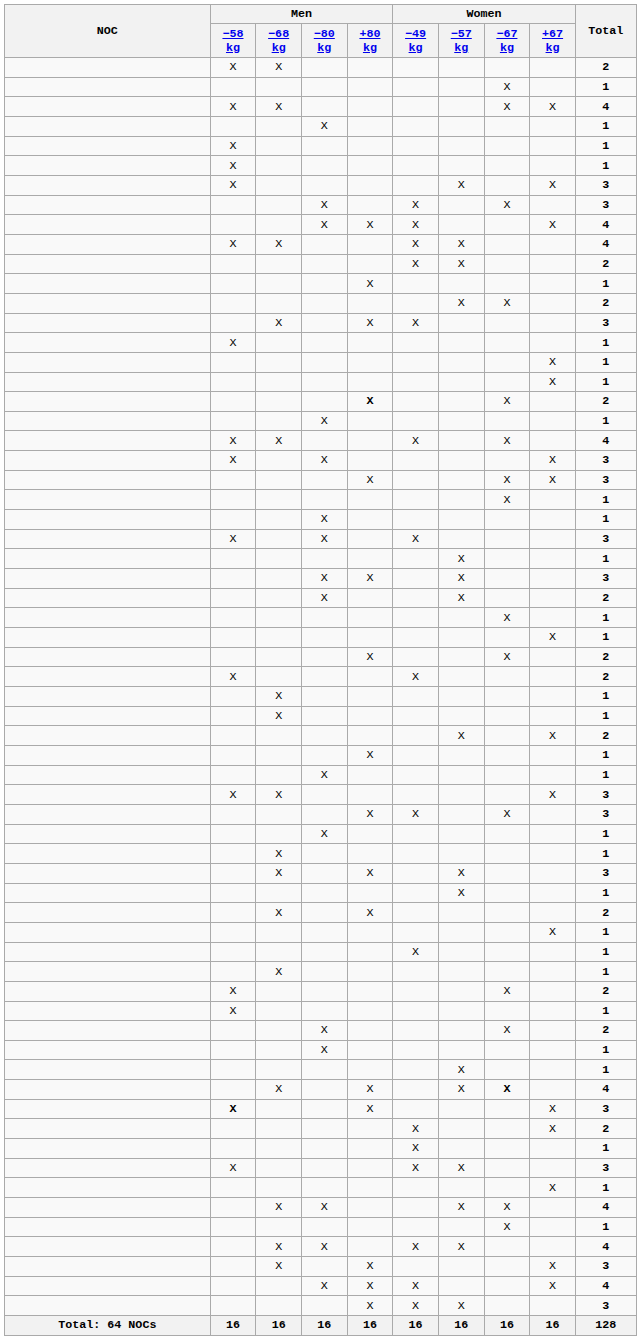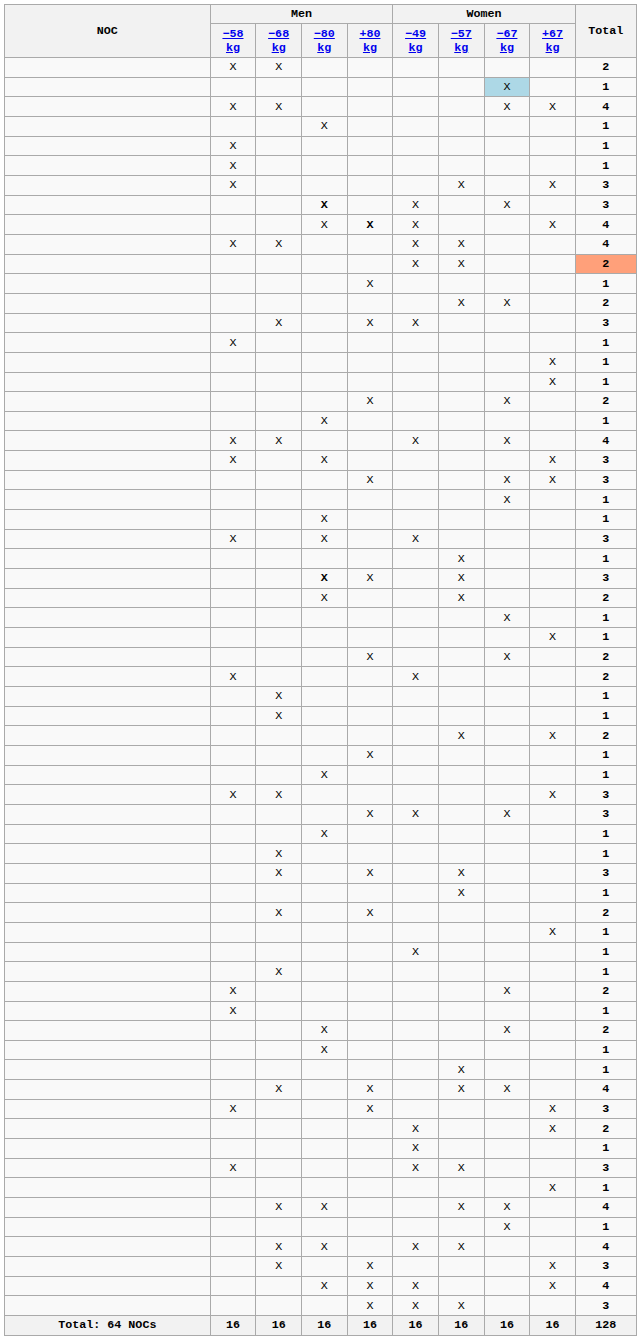 <table class="wikitable" style="text-align:center; font-size:90%">
 <tr>
 <th rowspan="2" width=200 align="left">NOC</th>
 <th colspan=4>Men</th>
 <th colspan=4>Women</th>
 <th width=55 rowspan="2">Total</th>
 </tr>
 <tr>
 <th width=40><a href='#'>−58 kg</a></th>
 <th width=40><a href='#'>−68 kg</a></th>
 <th width=40><a href='#'>−80 kg</a></th>
 <th width=40><a href='#'>+80 kg</a></th>
 <th width=40><a href='#'>−49 kg</a></th>
 <th width=40><a href='#'>−57 kg</a></th>
 <th width=40><a href='#'>−67 kg</a></th>
 <th width=40><a href='#'>+67 kg</a></th>
 </tr>
 <tr>
 <td align="left"></td>
 <td>X</td>
 <td>X</td>
 <td></td>
 <td></td>
 <td></td>
 <td></td>
 <td></td>
 <td></td>
 <td><strong>2</strong></td>
 </tr>
 <tr>
 <td align="left"></td>
 <td></td>
 <td></td>
 <td></td>
 <td></td>
 <td></td>
 <td></td>
-<td>X</td>
+<td style="background: lightblue;">X</td>
 <td></td>
 <td><strong>1</strong></td>
 </tr>
 <tr>
 <td align="left"></td>
 <td>X</td>
 <td>X</td>
 <td></td>
 <td></td>
 <td></td>
 <td></td>
 <td>X</td>
 <td>X</td>
 <td><strong>4</strong></td>
 </tr>
 <tr>
 <td align="left"></td>
 <td></td>
 <td></td>
 <td>X</td>
 <td></td>
 <td></td>
 <td></td>
 <td></td>
 <td></td>
 <td><strong>1</strong></td>
 </tr>
 <tr>
 <td align="left"></td>
 <td>X</td>
 <td></td>
 <td></td>
 <td></td>
 <td></td>
 <td></td>
 <td></td>
 <td></td>
 <td><strong>1</strong></td>
 </tr>
 <tr>
 <td align="left"></td>
 <td>X</td>
 <td></td>
 <td></td>
 <td></td>
 <td></td>
 <td></td>
 <td></td>
 <td></td>
 <td><strong>1</strong></td>
 </tr>
 <tr>
 <td align="left"></td>
 <td>X</td>
 <td></td>
 <td></td>
 <td></td>
 <td></td>
 <td>X</td>
 <td></td>
 <td>X</td>
 <td><strong>3</strong></td>
 </tr>
 <tr>
 <td align="left"></td>
 <td></td>
 <td></td>
-<td>X</td>
+<td><strong>X</strong></td>
 <td></td>
 <td>X</td>
 <td></td>
 <td>X</td>
 <td></td>
 <td><strong>3</strong></td>
 </tr>
 <tr>
 <td align="left"></td>
 <td></td>
 <td></td>
 <td>X</td>
-<td>X</td>
+<td><strong>X</strong></td>
 <td>X</td>
 <td></td>
 <td></td>
 <td>X</td>
 <td><strong>4</strong></td>
 </tr>
 <tr>
 <td align="left"></td>
 <td>X</td>
 <td>X</td>
 <td></td>
 <td></td>
 <td>X</td>
 <td>X</td>
 <td></td>
 <td></td>
 <td><strong>4</strong></td>
 </tr>
 <tr>
 <td align="left"></td>
 <td></td>
 <td></td>
 <td></td>
 <td></td>
 <td>X</td>
 <td>X</td>
 <td></td>
 <td></td>
-<td><strong>2</strong></td>
+<td style="background: lightsalmon;"><strong>2</strong></td>
 </tr>
 <tr>
 <td align="left"></td>
 <td></td>
 <td></td>
 <td></td>
 <td>X</td>
 <td></td>
 <td></td>
 <td></td>
 <td></td>
 <td><strong>1</strong></td>
 </tr>
 <tr>
 <td align="left"></td>
 <td></td>
 <td></td>
 <td></td>
 <td></td>
 <td></td>
 <td>X</td>
 <td>X</td>
 <td></td>
 <td><strong>2</strong></td>
 </tr>
 <tr>
 <td align="left"></td>
 <td></td>
 <td>X</td>
 <td></td>
 <td>X</td>
 <td>X</td>
 <td></td>
 <td></td>
 <td></td>
 <td><strong>3</strong></td>
 </tr>
 <tr>
 <td align="left"></td>
 <td>X</td>
 <td></td>
 <td></td>
 <td></td>
 <td></td>
 <td></td>
 <td></td>
 <td></td>
 <td><strong>1</strong></td>
 </tr>
 <tr>
 <td align="left"></td>
 <td></td>
 <td></td>
 <td></td>
 <td></td>
 <td></td>
 <td></td>
 <td></td>
 <td>X</td>
 <td><strong>1</strong></td>
 </tr>
 <tr>
 <td align="left"></td>
 <td></td>
 <td></td>
 <td></td>
 <td></td>
 <td></td>
 <td></td>
 <td></td>
 <td>X</td>
 <td><strong>1</strong></td>
 </tr>
 <tr>
 <td align="left"></td>
 <td></td>
 <td></td>
 <td></td>
-<td><strong>X</strong></td>
+<td>X</td>
 <td></td>
 <td></td>
 <td>X</td>
 <td></td>
 <td><strong>2</strong></td>
 </tr>
 <tr>
 <td align="left"></td>
 <td></td>
 <td></td>
 <td>X</td>
 <td></td>
 <td></td>
 <td></td>
 <td></td>
 <td></td>
 <td><strong>1</strong></td>
 </tr>
 <tr>
 <td align="left"></td>
 <td>X</td>
 <td>X</td>
 <td></td>
 <td></td>
 <td>X</td>
 <td></td>
 <td>X</td>
 <td></td>
 <td><strong>4</strong></td>
 </tr>
 <tr>
 <td align="left"></td>
 <td>X</td>
 <td></td>
 <td>X</td>
 <td></td>
 <td></td>
 <td></td>
 <td></td>
 <td>X</td>
 <td><strong>3</strong></td>
 </tr>
 <tr>
 <td align="left"></td>
 <td></td>
 <td></td>
 <td></td>
 <td>X</td>
 <td></td>
 <td></td>
 <td>X</td>
 <td>X</td>
 <td><strong>3</strong></td>
 </tr>
 <tr>
 <td align="left"></td>
 <td></td>
 <td></td>
 <td></td>
 <td></td>
 <td></td>
 <td></td>
 <td>X</td>
 <td></td>
 <td><strong>1</strong></td>
 </tr>
 <tr>
 <td align="left"></td>
 <td></td>
 <td></td>
 <td>X</td>
 <td></td>
 <td></td>
 <td></td>
 <td></td>
 <td></td>
 <td><strong>1</strong></td>
 </tr>
 <tr>
 <td align="left"></td>
 <td>X</td>
 <td></td>
 <td>X</td>
 <td></td>
 <td>X</td>
 <td></td>
 <td></td>
 <td></td>
 <td><strong>3</strong></td>
 </tr>
 <tr>
 <td align="left"></td>
 <td></td>
 <td></td>
 <td></td>
 <td></td>
 <td></td>
 <td>X</td>
 <td></td>
 <td></td>
 <td><strong>1</strong></td>
 </tr>
 <tr>
 <td align="left"></td>
 <td></td>
 <td></td>
-<td>X</td>
+<td><strong>X</strong></td>
 <td>X</td>
 <td></td>
 <td>X</td>
 <td></td>
 <td></td>
 <td><strong>3</strong></td>
 </tr>
 <tr>
 <td align="left"></td>
 <td></td>
 <td></td>
 <td>X</td>
 <td></td>
 <td></td>
 <td>X</td>
 <td></td>
 <td></td>
 <td><strong>2</strong></td>
 </tr>
 <tr>
 <td align="left"></td>
 <td></td>
 <td></td>
 <td></td>
 <td></td>
 <td></td>
 <td></td>
 <td>X</td>
 <td></td>
 <td><strong>1</strong></td>
 </tr>
 <tr>
 <td align="left"></td>
 <td></td>
 <td></td>
 <td></td>
 <td></td>
 <td></td>
 <td></td>
 <td></td>
 <td>X</td>
 <td><strong>1</strong></td>
 </tr>
 <tr>
 <td align="left"></td>
 <td></td>
 <td></td>
 <td></td>
 <td>X</td>
 <td></td>
 <td></td>
 <td>X</td>
 <td></td>
 <td><strong>2</strong></td>
 </tr>
 <tr>
 <td align="left"></td>
 <td>X</td>
 <td></td>
 <td></td>
 <td></td>
 <td>X</td>
 <td></td>
 <td></td>
 <td></td>
 <td><strong>2</strong></td>
 </tr>
 <tr>
 <td align="left"></td>
 <td></td>
 <td>X</td>
 <td></td>
 <td></td>
 <td></td>
 <td></td>
 <td></td>
 <td></td>
 <td><strong>1</strong></td>
 </tr>
 <tr>
 <td align="left"></td>
 <td></td>
 <td>X</td>
 <td></td>
 <td></td>
 <td></td>
 <td></td>
 <td></td>
 <td></td>
 <td><strong>1</strong></td>
 </tr>
 <tr>
 <td align="left"></td>
 <td></td>
 <td></td>
 <td></td>
 <td></td>
 <td></td>
 <td>X</td>
 <td></td>
 <td>X</td>
 <td><strong>2</strong></td>
 </tr>
 <tr>
 <td align="left"></td>
 <td></td>
 <td></td>
 <td></td>
 <td>X</td>
 <td></td>
 <td></td>
 <td></td>
 <td></td>
 <td><strong>1</strong></td>
 </tr>
 <tr>
 <td align="left"></td>
 <td></td>
 <td></td>
 <td>X</td>
 <td></td>
 <td></td>
 <td></td>
 <td></td>
 <td></td>
 <td><strong>1</strong></td>
 </tr>
 <tr>
 <td align="left"></td>
 <td>X</td>
 <td>X</td>
 <td></td>
 <td></td>
 <td></td>
 <td></td>
 <td></td>
 <td>X</td>
 <td><strong>3</strong></td>
 </tr>
 <tr>
 <td align="left"></td>
 <td></td>
 <td></td>
 <td></td>
 <td>X</td>
 <td>X</td>
 <td></td>
 <td>X</td>
 <td></td>
 <td><strong>3</strong></td>
 </tr>
 <tr>
 <td align="left"></td>
 <td></td>
 <td></td>
 <td>X</td>
 <td></td>
 <td></td>
 <td></td>
 <td></td>
 <td></td>
 <td><strong>1</strong></td>
 </tr>
 <tr>
 <td align="left"></td>
 <td></td>
 <td>X</td>
 <td></td>
 <td></td>
 <td></td>
 <td></td>
 <td></td>
 <td></td>
 <td><strong>1</strong></td>
 </tr>
 <tr>
 <td align="left"></td>
 <td></td>
 <td>X</td>
 <td></td>
 <td>X</td>
 <td></td>
 <td>X</td>
 <td></td>
 <td></td>
 <td><strong>3</strong></td>
 </tr>
 <tr>
 <td align="left"></td>
 <td></td>
 <td></td>
 <td></td>
 <td></td>
 <td></td>
 <td>X</td>
 <td></td>
 <td></td>
 <td><strong>1</strong></td>
 </tr>
 <tr>
 <td align="left"></td>
 <td></td>
 <td>X</td>
 <td></td>
 <td>X</td>
 <td></td>
 <td></td>
 <td></td>
 <td></td>
 <td><strong>2</strong></td>
 </tr>
 <tr>
 <td align="left"></td>
 <td></td>
 <td></td>
 <td></td>
 <td></td>
 <td></td>
 <td></td>
 <td></td>
 <td>X</td>
 <td><strong>1</strong></td>
 </tr>
 <tr>
 <td align="left"></td>
 <td></td>
 <td></td>
 <td></td>
 <td></td>
 <td>X</td>
 <td></td>
 <td></td>
 <td></td>
 <td><strong>1</strong></td>
 </tr>
 <tr>
 <td align="left"></td>
 <td></td>
 <td>X</td>
 <td></td>
 <td></td>
 <td></td>
 <td></td>
 <td></td>
 <td></td>
 <td><strong>1</strong></td>
 </tr>
 <tr>
 <td align="left"></td>
 <td>X</td>
 <td></td>
 <td></td>
 <td></td>
 <td></td>
 <td></td>
 <td>X</td>
 <td></td>
 <td><strong>2</strong></td>
 </tr>
 <tr>
 <td align="left"></td>
 <td>X</td>
 <td></td>
 <td></td>
 <td></td>
 <td></td>
 <td></td>
 <td></td>
 <td></td>
 <td><strong>1</strong></td>
 </tr>
 <tr>
 <td align="left"></td>
 <td></td>
 <td></td>
 <td>X</td>
 <td></td>
 <td></td>
 <td></td>
 <td>X</td>
 <td></td>
 <td><strong>2</strong></td>
 </tr>
 <tr>
 <td align="left"></td>
 <td></td>
 <td></td>
 <td>X</td>
 <td></td>
 <td></td>
 <td></td>
 <td></td>
 <td></td>
 <td><strong>1</strong></td>
 </tr>
 <tr>
 <td align="left"></td>
 <td></td>
 <td></td>
 <td></td>
 <td></td>
 <td></td>
 <td>X</td>
 <td></td>
 <td></td>
 <td><strong>1</strong></td>
 </tr>
 <tr>
 <td align="left"></td>
 <td></td>
 <td>X</td>
 <td></td>
 <td>X</td>
 <td></td>
 <td>X</td>
-<td><strong>X</strong></td>
+<td>X</td>
 <td></td>
 <td><strong>4</strong></td>
 </tr>
 <tr>
 <td align="left"></td>
-<td><strong>X</strong></td>
+<td>X</td>
 <td></td>
 <td></td>
 <td>X</td>
 <td></td>
 <td></td>
 <td></td>
 <td>X</td>
 <td><strong>3</strong></td>
 </tr>
 <tr>
 <td align="left"></td>
 <td></td>
 <td></td>
 <td></td>
 <td></td>
 <td>X</td>
 <td></td>
 <td></td>
 <td>X</td>
 <td><strong>2</strong></td>
 </tr>
 <tr>
 <td align="left"></td>
 <td></td>
 <td></td>
 <td></td>
 <td></td>
 <td>X</td>
 <td></td>
 <td></td>
 <td></td>
 <td><strong>1</strong></td>
 </tr>
 <tr>
 <td align="left"></td>
 <td>X</td>
 <td></td>
 <td></td>
 <td></td>
 <td>X</td>
 <td>X</td>
 <td></td>
 <td></td>
 <td><strong>3</strong></td>
 </tr>
 <tr>
 <td align="left"></td>
 <td></td>
 <td></td>
 <td></td>
 <td></td>
 <td></td>
 <td></td>
 <td></td>
 <td>X</td>
 <td><strong>1</strong></td>
 </tr>
 <tr>
 <td align="left"></td>
 <td></td>
 <td>X</td>
 <td>X</td>
 <td></td>
 <td></td>
 <td>X</td>
 <td>X</td>
 <td></td>
 <td><strong>4</strong></td>
 </tr>
 <tr>
 <td align="left"></td>
 <td></td>
 <td></td>
 <td></td>
 <td></td>
 <td></td>
 <td></td>
 <td>X</td>
 <td></td>
 <td><strong>1</strong></td>
 </tr>
 <tr>
 <td align="left"></td>
 <td></td>
 <td>X</td>
 <td>X</td>
 <td></td>
 <td>X</td>
 <td>X</td>
 <td></td>
 <td></td>
 <td><strong>4</strong></td>
 </tr>
 <tr>
 <td align="left"></td>
 <td></td>
 <td>X</td>
 <td></td>
 <td>X</td>
 <td></td>
 <td></td>
 <td></td>
 <td>X</td>
 <td><strong>3</strong></td>
 </tr>
 <tr>
 <td align="left"></td>
 <td></td>
 <td></td>
 <td>X</td>
 <td>X</td>
 <td>X</td>
 <td></td>
 <td></td>
 <td>X</td>
 <td><strong>4</strong></td>
 </tr>
 <tr>
 <td align="left"></td>
 <td></td>
 <td></td>
 <td></td>
 <td>X</td>
 <td>X</td>
 <td>X</td>
 <td></td>
 <td></td>
 <td><strong>3</strong></td>
 </tr>
 <tr>
 <th>Total: 64 NOCs</th>
 <th>16</th>
 <th>16</th>
 <th>16</th>
 <th>16</th>
 <th>16</th>
 <th>16</th>
 <th>16</th>
 <th>16</th>
 <th>128</th>
 </tr>
 </table>
